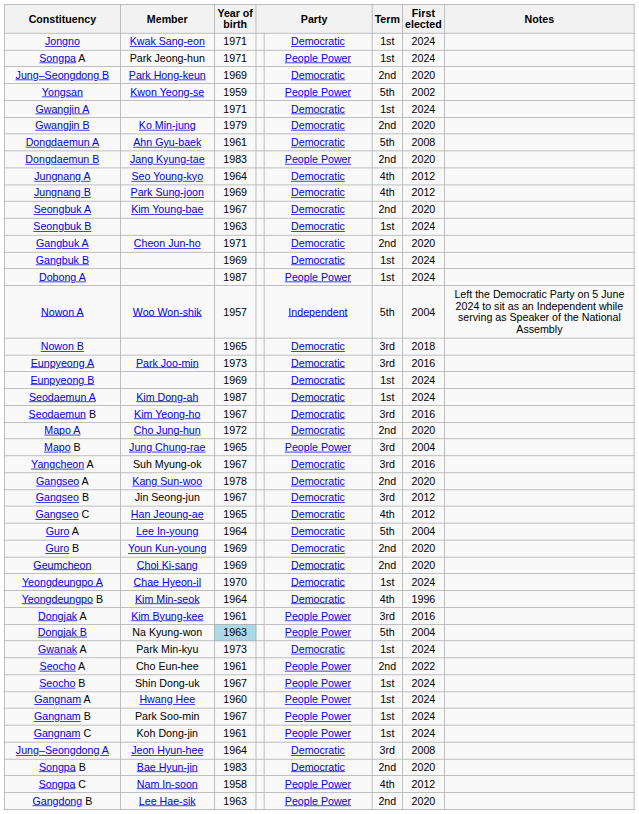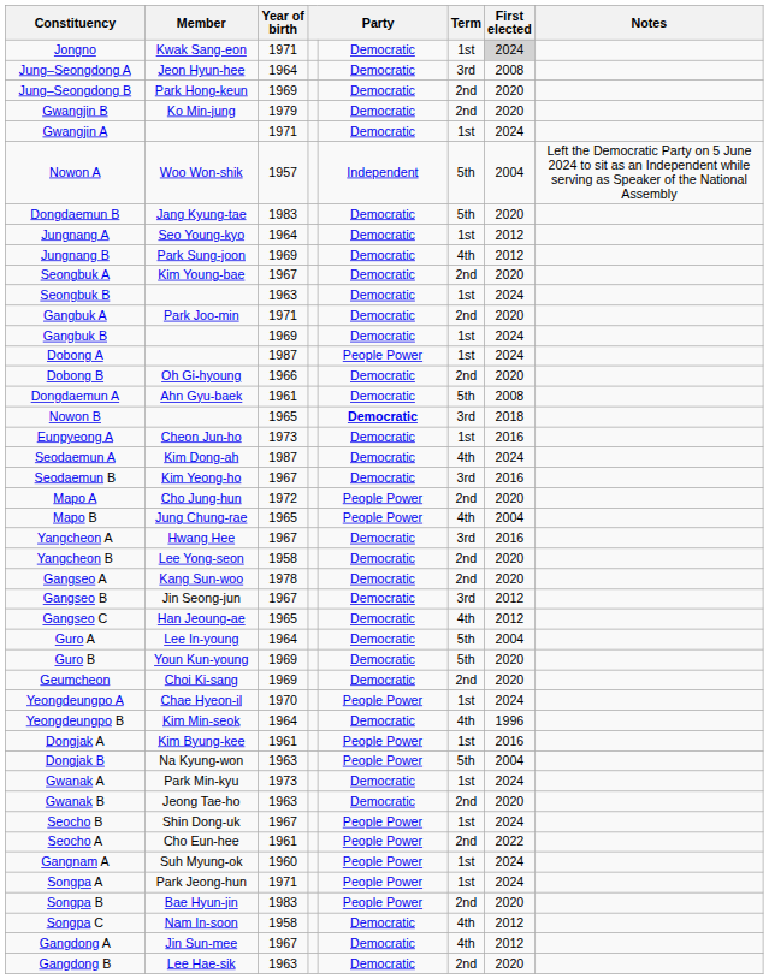 <table class="wikitable sortable" style="font-size:90%; text-align:center">
 <tr>
 <th scope="col" style="width:150px;">Constituency</th>
 <th scope="col" style="width:120px;">Member</th>
 <th scope="col" style="width:50px;">Year of birth</th>
 <th scope="col" style="width:150px;" colspan="2">Party</th>
 <th scope="col" style="width:20px;">Term</th>
 <th scope="col" style="width:50px;">First elected</th>
 <th scope="col" style="width:250px;" class="unsortable">Notes</th>
 </tr>
 <tr>
 <td><a href='#'>Jongno</a></td>
 <td><a href='#'>Kwak Sang-eon</a></td>
 <td>1971</td>
 <td scope="row" style="background-color:"></td>
 <td><a href='#'>Democratic</a></td>
 <td>1st</td>
-<td>2024</td>
+<td style="background: lightgrey;">2024</td>
 <td></td>
 </tr>
 <tr>
-<td><a href='#'>Songpa</a> A</td>
-<td>Park Jeong-hun</td>
-<td>1971</td>
+<td><a href='#'>Jung–Seongdong A</a></td>
+<td><a href='#'>Jeon Hyun-hee</a></td>
+<td>1964</td>
 <td scope="row" style="background-color:"></td>
-<td><a href='#'>People Power</a></td>
-<td>1st</td>
-<td>2024</td>
+<td><a href='#'>Democratic</a></td>
+<td>3rd</td>
+<td>2008</td>
 <td></td>
 </tr>
 <tr>
 <td><a href='#'>Jung–Seongdong B</a></td>
 <td><a href='#'>Park Hong-keun</a></td>
 <td>1969</td>
 <td scope="row" style="background-color:"></td>
 <td><a href='#'>Democratic</a></td>
 <td>2nd</td>
 <td>2020</td>
 <td></td>
 </tr>
 <tr>
-<td><a href='#'>Yongsan</a></td>
-<td><a href='#'>Kwon Yeong-se</a></td>
-<td>1959</td>
+<td><a href='#'>Gwangjin B</a></td>
+<td><a href='#'>Ko Min-jung</a></td>
+<td>1979</td>
 <td scope="row" style="background-color:"></td>
-<td><a href='#'>People Power</a></td>
-<td>5th</td>
-<td>2002</td>
+<td><a href='#'>Democratic</a></td>
+<td>2nd</td>
+<td>2020</td>
 <td></td>
 </tr>
 <tr>
 <td><a href='#'>Gwangjin A</a></td>
 <td></td>
 <td>1971</td>
 <td scope="row" style="background-color:"></td>
 <td><a href='#'>Democratic</a></td>
 <td>1st</td>
 <td>2024</td>
 <td></td>
 </tr>
 <tr>
-<td><a href='#'>Gwangjin B</a></td>
-<td><a href='#'>Ko Min-jung</a></td>
-<td>1979</td>
+<td><a href='#'>Nowon A</a></td>
+<td><a href='#'>Woo Won-shik</a></td>
+<td>1957</td>
 <td scope="row" style="background-color:"></td>
-<td><a href='#'>Democratic</a></td>
-<td>2nd</td>
-<td>2020</td>
-<td></td>
-</tr>
-<tr>
-<td><a href='#'>Dongdaemun A</a></td>
-<td><a href='#'>Ahn Gyu-baek</a></td>
-<td>1961</td>
-<td scope="row" style="background-color:"></td>
-<td><a href='#'>Democratic</a></td>
+<td><a href='#'>Independent</a></td>
 <td>5th</td>
-<td>2008</td>
-<td></td>
+<td>2004</td>
+<td>Left the Democratic Party on 5 June 2024 to sit as an Independent while serving as Speaker of the National Assembly</td>
 </tr>
 <tr>
 <td><a href='#'>Dongdaemun B</a></td>
 <td><a href='#'>Jang Kyung-tae</a></td>
 <td>1983</td>
 <td scope="row" style="background-color:"></td>
-<td><a href='#'>People Power</a></td>
-<td>2nd</td>
+<td><a href='#'>Democratic</a></td>
+<td>5th</td>
 <td>2020</td>
 <td></td>
 </tr>
 <tr>
 <td><a href='#'>Jungnang A</a></td>
 <td><a href='#'>Seo Young-kyo</a></td>
 <td>1964</td>
 <td scope="row" style="background-color:"></td>
 <td><a href='#'>Democratic</a></td>
-<td>4th</td>
+<td>1st</td>
 <td>2012</td>
 <td></td>
 </tr>
 <tr>
 <td><a href='#'>Jungnang B</a></td>
 <td><a href='#'>Park Sung-joon</a></td>
 <td>1969</td>
 <td scope="row" style="background-color:"></td>
 <td><a href='#'>Democratic</a></td>
 <td>4th</td>
 <td>2012</td>
 <td></td>
 </tr>
 <tr>
 <td><a href='#'>Seongbuk A</a></td>
 <td><a href='#'>Kim Young-bae</a></td>
 <td>1967</td>
 <td scope="row" style="background-color:"></td>
 <td><a href='#'>Democratic</a></td>
 <td>2nd</td>
 <td>2020</td>
 <td></td>
 </tr>
 <tr>
 <td><a href='#'>Seongbuk B</a></td>
 <td></td>
 <td>1963</td>
 <td scope="row" style="background-color:"></td>
 <td><a href='#'>Democratic</a></td>
 <td>1st</td>
 <td>2024</td>
 </tr>
 <tr>
 <td><a href='#'>Gangbuk A</a></td>
-<td><a href='#'>Cheon Jun-ho</a></td>
+<td><a href='#'>Park Joo-min</a></td>
 <td>1971</td>
 <td scope="row" style="background-color:"></td>
 <td><a href='#'>Democratic</a></td>
 <td>2nd</td>
 <td>2020</td>
 <td></td>
 </tr>
 <tr>
 <td><a href='#'>Gangbuk B</a></td>
 <td></td>
 <td>1969</td>
 <td scope="row" style="background-color:"></td>
 <td><a href='#'>Democratic</a></td>
 <td>1st</td>
 <td>2024</td>
 <td></td>
 </tr>
 <tr>
 <td><a href='#'>Dobong A</a></td>
 <td></td>
 <td>1987</td>
 <td scope="row" style="background-color:"></td>
 <td><a href='#'>People Power</a></td>
 <td>1st</td>
 <td>2024</td>
 <td></td>
 </tr>
 <tr>
-<td><a href='#'>Nowon A</a></td>
-<td><a href='#'>Woo Won-shik</a></td>
-<td>1957</td>
+<td><a href='#'>Dobong B</a></td>
+<td><a href='#'>Oh Gi-hyoung</a></td>
+<td>1966</td>
 <td scope="row" style="background-color:"></td>
-<td><a href='#'>Independent</a></td>
+<td><a href='#'>Democratic</a></td>
+<td>2nd</td>
+<td>2020</td>
+<td></td>
+</tr>
+<tr>
+<td><a href='#'>Dongdaemun A</a></td>
+<td><a href='#'>Ahn Gyu-baek</a></td>
+<td>1961</td>
+<td scope="row" style="background-color:"></td>
+<td><a href='#'>Democratic</a></td>
 <td>5th</td>
-<td>2004</td>
-<td>Left the Democratic Party on 5 June 2024 to sit as an Independent while serving as Speaker of the National Assembly</td>
+<td>2008</td>
+<td></td>
 </tr>
 <tr>
 <td><a href='#'>Nowon B</a></td>
 <td></td>
 <td>1965</td>
 <td scope="row" style="background-color:"></td>
-<td><a href='#'>Democratic</a></td>
+<td><strong><a href='#'>Democratic</a></strong></td>
 <td>3rd</td>
 <td>2018</td>
 <td></td>
 </tr>
 <tr>
 <td><a href='#'>Eunpyeong A</a></td>
-<td><a href='#'>Park Joo-min</a></td>
+<td><a href='#'>Cheon Jun-ho</a></td>
 <td>1973</td>
 <td scope="row" style="background-color:"></td>
 <td><a href='#'>Democratic</a></td>
-<td>3rd</td>
+<td>1st</td>
 <td>2016</td>
-<td></td>
-</tr>
-<tr>
-<td><a href='#'>Eunpyeong B</a></td>
-<td></td>
-<td>1969</td>
-<td scope="row" style="background-color:"></td>
-<td><a href='#'>Democratic</a></td>
-<td>1st</td>
-<td>2024</td>
 <td></td>
 </tr>
 <tr>
 <td><a href='#'>Seodaemun A</a></td>
 <td><a href='#'>Kim Dong-ah</a></td>
 <td>1987</td>
 <td scope="row" style="background-color:"></td>
 <td><a href='#'>Democratic</a></td>
-<td>1st</td>
+<td>4th</td>
 <td>2024</td>
 <td></td>
 </tr>
 <tr>
 <td><a href='#'>Seodaemun</a> B</td>
 <td><a href='#'>Kim Yeong-ho</a></td>
 <td>1967</td>
 <td scope="row" style="background-color:"></td>
 <td><a href='#'>Democratic</a></td>
 <td>3rd</td>
 <td>2016</td>
 <td></td>
 </tr>
 <tr>
 <td><a href='#'>Mapo A</a></td>
 <td><a href='#'>Cho Jung-hun</a></td>
 <td>1972</td>
 <td scope="row" style="background-color:"></td>
-<td><a href='#'>Democratic</a></td>
+<td><a href='#'>People Power</a></td>
 <td>2nd</td>
 <td>2020</td>
 <td></td>
 </tr>
 <tr>
 <td><a href='#'>Mapo</a> B</td>
 <td><a href='#'>Jung Chung-rae</a></td>
 <td>1965</td>
 <td scope="row" style="background-color:"></td>
 <td><a href='#'>People Power</a></td>
-<td>3rd</td>
+<td>4th</td>
 <td>2004</td>
 <td></td>
 </tr>
 <tr>
 <td><a href='#'>Yangcheon</a> A</td>
-<td>Suh Myung-ok</td>
+<td><a href='#'>Hwang Hee</a></td>
 <td>1967</td>
 <td scope="row" style="background-color:"></td>
 <td><a href='#'>Democratic</a></td>
 <td>3rd</td>
 <td>2016</td>
+<td></td>
+</tr>
+<tr>
+<td><a href='#'>Yangcheon</a> B</td>
+<td><a href='#'>Lee Yong-seon</a></td>
+<td>1958</td>
+<td scope="row" style="background-color:"></td>
+<td><a href='#'>Democratic</a></td>
+<td>2nd</td>
+<td>2020</td>
 <td></td>
 </tr>
 <tr>
 <td><a href='#'>Gangseo</a> A</td>
 <td><a href='#'>Kang Sun-woo</a></td>
 <td>1978</td>
 <td scope="row" style="background-color:"></td>
 <td><a href='#'>Democratic</a></td>
 <td>2nd</td>
 <td>2020</td>
 <td></td>
 </tr>
 <tr>
 <td><a href='#'>Gangseo</a> B</td>
 <td>Jin Seong-jun</td>
 <td>1967</td>
 <td scope="row" style="background-color:"></td>
 <td><a href='#'>Democratic</a></td>
 <td>3rd</td>
 <td>2012</td>
 <td></td>
 </tr>
 <tr>
 <td><a href='#'>Gangseo</a> C</td>
 <td><a href='#'>Han Jeoung-ae</a></td>
 <td>1965</td>
 <td scope="row" style="background-color:"></td>
 <td><a href='#'>Democratic</a></td>
 <td>4th</td>
 <td>2012</td>
 <td></td>
 </tr>
 <tr>
 <td><a href='#'>Guro</a> A</td>
 <td><a href='#'>Lee In-young</a></td>
 <td>1964</td>
 <td scope="row" style="background-color:"></td>
 <td><a href='#'>Democratic</a></td>
 <td>5th</td>
 <td>2004</td>
 <td></td>
 </tr>
 <tr>
 <td><a href='#'>Guro</a> B</td>
 <td><a href='#'>Youn Kun-young</a></td>
 <td>1969</td>
 <td scope="row" style="background-color:"></td>
 <td><a href='#'>Democratic</a></td>
-<td>2nd</td>
+<td>5th</td>
 <td>2020</td>
 <td></td>
 </tr>
 <tr>
 <td><a href='#'>Geumcheon</a></td>
 <td><a href='#'>Choi Ki-sang</a></td>
 <td>1969</td>
 <td scope="row" style="background-color:"></td>
 <td><a href='#'>Democratic</a></td>
 <td>2nd</td>
 <td>2020</td>
 <td></td>
 </tr>
 <tr>
 <td><a href='#'>Yeongdeungpo A</a></td>
 <td><a href='#'>Chae Hyeon-il</a></td>
 <td>1970</td>
 <td scope="row" style="background-color:"></td>
-<td><a href='#'>Democratic</a></td>
+<td><a href='#'>People Power</a></td>
 <td>1st</td>
 <td>2024</td>
 <td></td>
 </tr>
 <tr>
 <td><a href='#'>Yeongdeungpo</a> B</td>
 <td><a href='#'>Kim Min-seok</a></td>
 <td>1964</td>
 <td scope="row" style="background-color:"></td>
 <td><a href='#'>Democratic</a></td>
 <td>4th</td>
 <td>1996</td>
 <td></td>
 </tr>
 <tr>
 <td><a href='#'>Dongjak</a> A</td>
 <td><a href='#'>Kim Byung-kee</a></td>
 <td>1961</td>
 <td scope="row" style="background-color:"></td>
 <td><a href='#'>People Power</a></td>
-<td>3rd</td>
+<td>1st</td>
 <td>2016</td>
 <td></td>
 </tr>
 <tr>
 <td><a href='#'>Dongjak B</a></td>
 <td>Na Kyung-won</td>
-<td style="background: lightblue;">1963</td>
+<td>1963</td>
 <td scope="row" style="background-color:"></td>
 <td><a href='#'>People Power</a></td>
 <td>5th</td>
 <td>2004</td>
 <td></td>
 </tr>
 <tr>
 <td><a href='#'>Gwanak</a> A</td>
 <td>Park Min-kyu</td>
 <td>1973</td>
 <td scope="row" style="background-color:"></td>
 <td><a href='#'>Democratic</a></td>
 <td>1st</td>
 <td>2024</td>
 <td></td>
 </tr>
 <tr>
-<td><a href='#'>Seocho</a> A</td>
-<td>Cho Eun-hee</td>
-<td>1961</td>
+<td><a href='#'>Gwanak</a> B</td>
+<td>Jeong Tae-ho</td>
+<td>1963</td>
 <td scope="row" style="background-color:"></td>
-<td><a href='#'>People Power</a></td>
+<td><a href='#'>Democratic</a></td>
 <td>2nd</td>
-<td>2022</td>
+<td>2020</td>
 <td></td>
 </tr>
 <tr>
 <td><a href='#'>Seocho</a> B</td>
 <td>Shin Dong-uk</td>
 <td>1967</td>
 <td scope="row" style="background-color:"></td>
 <td><a href='#'>People Power</a></td>
 <td>1st</td>
 <td>2024</td>
 <td></td>
 </tr>
 <tr>
+<td><a href='#'>Seocho</a> A</td>
+<td>Cho Eun-hee</td>
+<td>1961</td>
+<td scope="row" style="background-color:"></td>
+<td><a href='#'>People Power</a></td>
+<td>2nd</td>
+<td>2022</td>
+<td></td>
+</tr>
+<tr>
 <td><a href='#'>Gangnam</a> A</td>
-<td><a href='#'>Hwang Hee</a></td>
+<td>Suh Myung-ok</td>
 <td>1960</td>
 <td scope="row" style="background-color:"></td>
 <td><a href='#'>People Power</a></td>
 <td>1st</td>
 <td>2024</td>
 <td></td>
 </tr>
 <tr>
-<td><a href='#'>Gangnam</a> B</td>
-<td>Park Soo-min</td>
-<td>1967</td>
+<td><a href='#'>Songpa</a> A</td>
+<td>Park Jeong-hun</td>
+<td>1971</td>
 <td scope="row" style="background-color:"></td>
 <td><a href='#'>People Power</a></td>
 <td>1st</td>
 <td>2024</td>
 <td></td>
 </tr>
 <tr>
-<td><a href='#'>Gangnam</a> C</td>
-<td>Koh Dong-jin</td>
-<td>1961</td>
-<td scope="row" style="background-color:"></td>
-<td><a href='#'>People Power</a></td>
-<td>1st</td>
-<td>2024</td>
-<td></td>
-</tr>
-<tr>
-<td><a href='#'>Jung–Seongdong A</a></td>
-<td><a href='#'>Jeon Hyun-hee</a></td>
-<td>1964</td>
-<td scope="row" style="background-color:"></td>
-<td><a href='#'>Democratic</a></td>
-<td>3rd</td>
-<td>2008</td>
-<td></td>
-</tr>
-<tr>
 <td><a href='#'>Songpa</a> B</td>
 <td><a href='#'>Bae Hyun-jin</a></td>
 <td>1983</td>
 <td scope="row" style="background-color:"></td>
-<td><a href='#'>Democratic</a></td>
+<td><a href='#'>People Power</a></td>
 <td>2nd</td>
 <td>2020</td>
 <td></td>
 </tr>
 <tr>
 <td><a href='#'>Songpa</a> C</td>
 <td><a href='#'>Nam In-soon</a></td>
 <td>1958</td>
 <td scope="row" style="background-color:"></td>
-<td><a href='#'>People Power</a></td>
+<td><a href='#'>Democratic</a></td>
+<td>4th</td>
+<td>2012</td>
+<td></td>
+</tr>
+<tr>
+<td><a href='#'>Gangdong</a> A</td>
+<td><a href='#'>Jin Sun-mee</a></td>
+<td>1967</td>
+<td scope="row" style="background-color:"></td>
+<td><a href='#'>Democratic</a></td>
 <td>4th</td>
 <td>2012</td>
 <td></td>
 </tr>
 <tr>
 <td><a href='#'>Gangdong</a> B</td>
 <td><a href='#'>Lee Hae-sik</a></td>
 <td>1963</td>
 <td scope="row" style="background-color:"></td>
-<td><a href='#'>People Power</a></td>
+<td><a href='#'>Democratic</a></td>
 <td>2nd</td>
 <td>2020</td>
 <td></td>
 </tr>
 </table>
